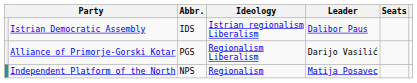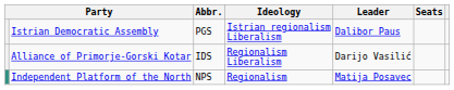 <table class="wikitable" style="text-align:left;">
 <tr>
 <th colspan=2>Party</th>
 <th>Abbr.</th>
 <th>Ideology</th>
 <th>Leader</th>
 <th>Seats</th>
 <th></th>
 </tr>
 <tr>
 <th style="background-color:"></th>
 <td><a href='#'>Istrian Democratic Assembly</a></td>
-<td>IDS</td>
+<td>PGS</td>
 <td><a href='#'>Istrian regionalism</a><br><a href='#'>Liberalism</a></td>
 <td><a href='#'>Dalibor Paus</a></td>
 <td></td>
 <td></td>
 </tr>
 <tr>
 <th style="background-color:"></th>
 <td><a href='#'>Alliance of Primorje-Gorski Kotar</a></td>
-<td>PGS</td>
+<td>IDS</td>
 <td><a href='#'>Regionalism</a><br><a href='#'>Liberalism</a></td>
 <td>Darijo Vasilić</td>
 <td></td>
 <td></td>
 </tr>
 <tr>
 <th style="background-color:#2c9180;"></th>
 <td><a href='#'>Independent Platform of the North</a></td>
 <td>NPS</td>
 <td><a href='#'>Regionalism</a></td>
 <td><a href='#'>Matija Posavec</a></td>
 <td></td>
 <td></td>
 </tr>
 </table>
